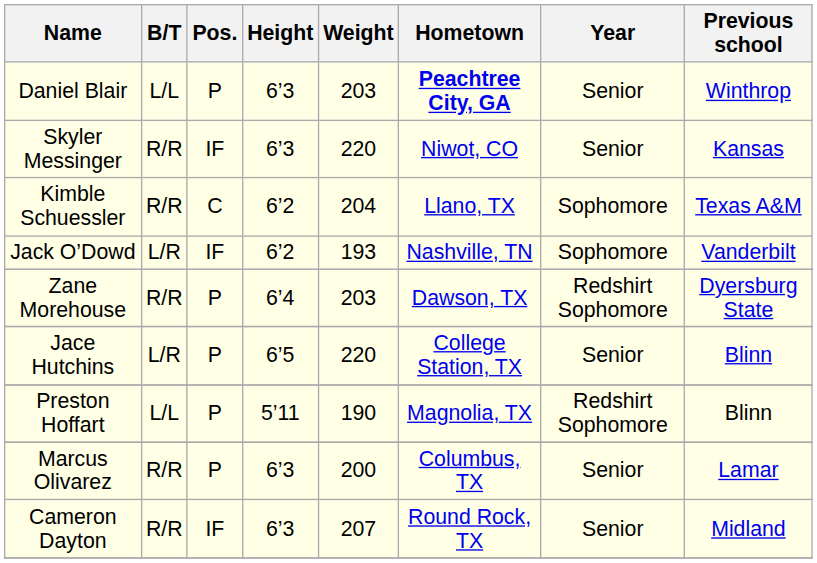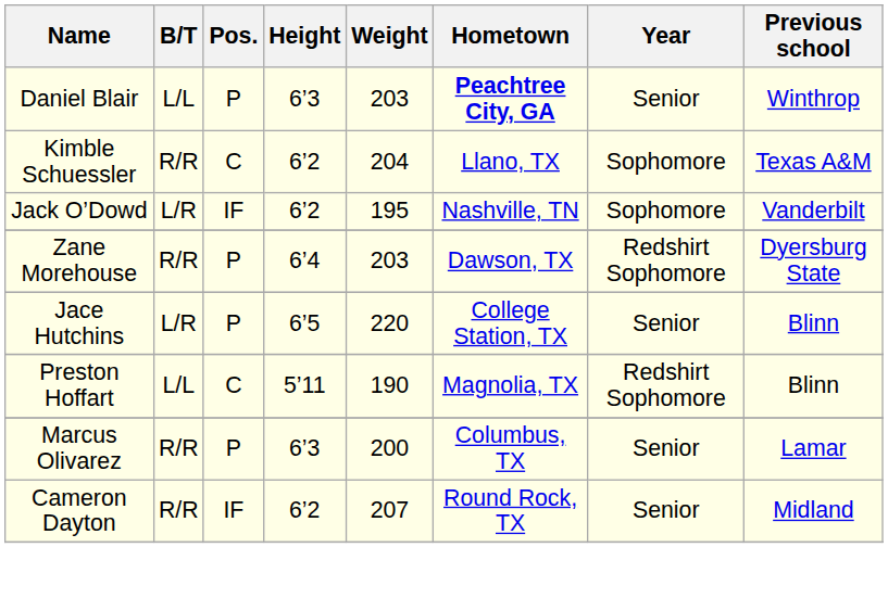 <table class="wikitable sortable">
 <tr>
 <th style="text-align:center; ">Name</th>
 <th style="text-align:center; ">B/T</th>
 <th style="text-align:center; ">Pos.</th>
 <th style="text-align:center; ">Height</th>
 <th style="text-align:center; ">Weight</th>
 <th style="text-align:center; ">Hometown</th>
 <th style="text-align:center; ">Year</th>
 <th style="text-align:center; ">Previous school</th>
 </tr>
 <tr align="center" style="background:#FFFFE6;">
 <td>Daniel Blair</td>
 <td>L/L</td>
 <td>P</td>
 <td>6’3</td>
 <td>203</td>
 <td><strong><a href='#'>Peachtree City, GA</a></strong></td>
 <td>Senior</td>
 <td><a href='#'>Winthrop</a></td>
 </tr>
 <tr align="center" style="background:#FFFFE6;">
-<td>Skyler Messinger</td>
-<td>R/R</td>
-<td>IF</td>
-<td>6’3</td>
-<td>220</td>
-<td><a href='#'>Niwot, CO</a></td>
-<td>Senior</td>
-<td><a href='#'>Kansas</a></td>
-</tr>
-<tr align="center" style="background:#FFFFE6;">
 <td>Kimble Schuessler</td>
 <td>R/R</td>
 <td>C</td>
 <td>6’2</td>
 <td>204</td>
 <td><a href='#'>Llano, TX</a></td>
 <td>Sophomore</td>
 <td><a href='#'>Texas A&M</a></td>
 </tr>
 <tr align="center" style="background:#FFFFE6;">
 <td>Jack O’Dowd</td>
 <td>L/R</td>
 <td>IF</td>
 <td>6’2</td>
-<td>193</td>
+<td>195</td>
 <td><a href='#'>Nashville, TN</a></td>
 <td>Sophomore</td>
 <td><a href='#'>Vanderbilt</a></td>
 </tr>
 <tr>
 </tr>
 <tr align="center" style="background:#FFFFE6;">
 <td>Zane Morehouse</td>
 <td>R/R</td>
 <td>P</td>
 <td>6’4</td>
 <td>203</td>
 <td><a href='#'>Dawson, TX</a></td>
 <td>Redshirt Sophomore</td>
 <td><a href='#'>Dyersburg State</a></td>
 </tr>
 <tr>
 </tr>
 <tr align="center" style="background:#FFFFE6;">
 <td>Jace Hutchins</td>
 <td>L/R</td>
 <td>P</td>
 <td>6’5</td>
 <td>220</td>
 <td><a href='#'>College Station, TX</a></td>
 <td>Senior</td>
 <td><a href='#'>Blinn</a></td>
 </tr>
 <tr>
 </tr>
 <tr align="center" style="background:#FFFFE6;">
 <td>Preston Hoffart</td>
 <td>L/L</td>
-<td>P</td>
+<td>C</td>
 <td>5’11</td>
 <td>190</td>
 <td><a href='#'>Magnolia, TX</a></td>
 <td>Redshirt Sophomore</td>
 <td>Blinn</td>
 </tr>
 <tr>
 </tr>
 <tr align="center" style="background:#FFFFE6;">
 <td>Marcus Olivarez</td>
 <td>R/R</td>
 <td>P</td>
 <td>6’3</td>
 <td>200</td>
 <td><a href='#'>Columbus, TX</a></td>
 <td>Senior</td>
 <td><a href='#'>Lamar</a></td>
 </tr>
 <tr align="center" style="background:#FFFFE6;">
 <td>Cameron Dayton</td>
 <td>R/R</td>
 <td>IF</td>
-<td>6’3</td>
+<td>6’2</td>
 <td>207</td>
 <td><a href='#'>Round Rock, TX</a></td>
 <td>Senior</td>
 <td><a href='#'>Midland</a></td>
 </tr>
 <tr>
 </tr>
 </table>
